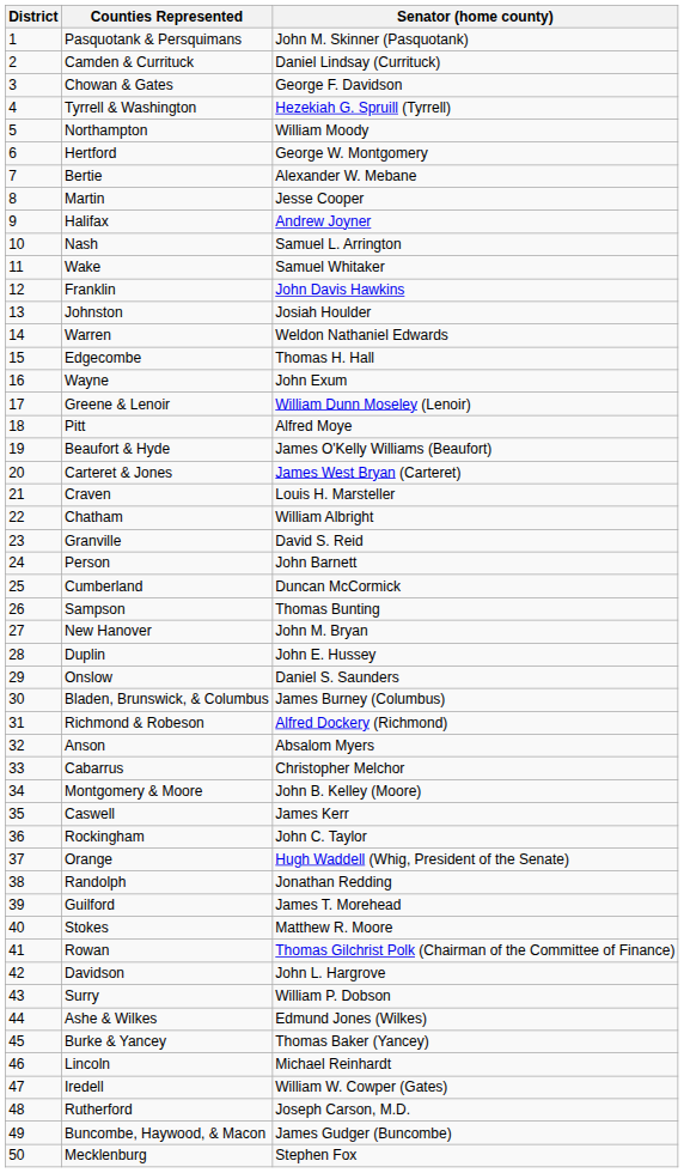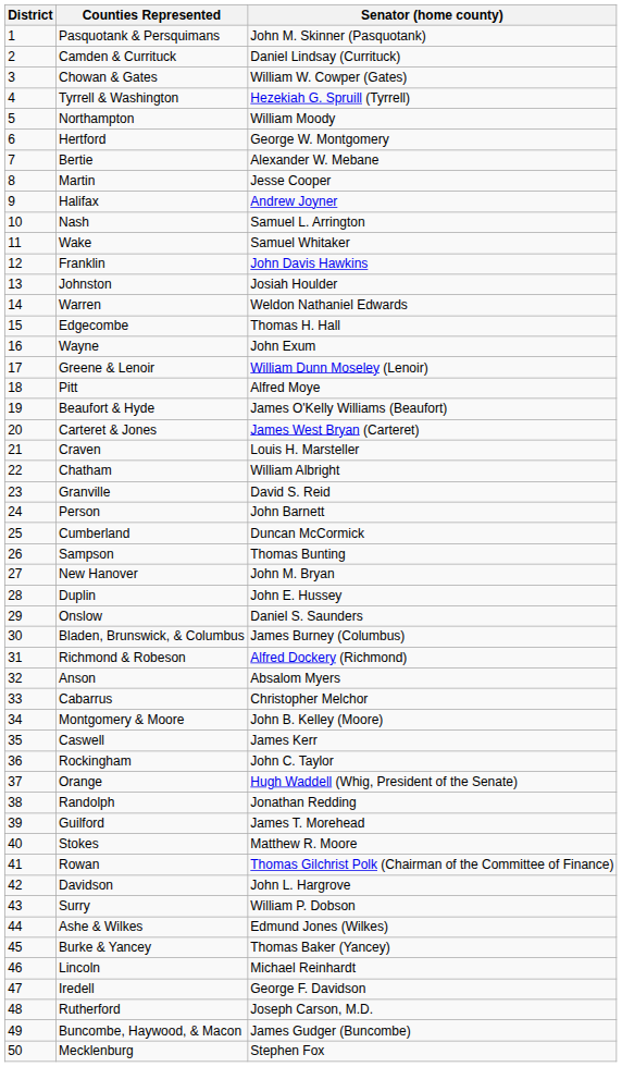 <table class="wikitable sortable">
 <tr>
 <th>District</th>
 <th>Counties Represented</th>
 <th>Senator (home county)</th>
 </tr>
 <tr>
 <td>1</td>
 <td>Pasquotank & Persquimans</td>
 <td data-sort-value="Skinner, John M.">John M. Skinner (Pasquotank)</td>
 </tr>
 <tr>
 <td>2</td>
 <td>Camden & Currituck</td>
 <td data-sort-value="Lindsay, Daniel">Daniel Lindsay (Currituck)</td>
 </tr>
 <tr>
 <td>3</td>
 <td>Chowan & Gates</td>
-<td data-sort-value="Davidson, George F.">George F. Davidson</td>
+<td data-sort-value="Cowper, William W.">William W. Cowper (Gates)</td>
 </tr>
 <tr>
 <td>4</td>
 <td>Tyrrell & Washington</td>
 <td><a href='#'>Hezekiah G. Spruill</a> (Tyrrell)</td>
 </tr>
 <tr>
 <td>5</td>
 <td>Northampton</td>
 <td data-sort-value="Moody, William">William Moody</td>
 </tr>
 <tr>
 <td>6</td>
 <td>Hertford</td>
 <td data-sort-value="Montgomery, George W.">George W. Montgomery</td>
 </tr>
 <tr>
 <td>7</td>
 <td>Bertie</td>
 <td data-sort-value="Mebane, Alexander W.">Alexander W. Mebane</td>
 </tr>
 <tr>
 <td>8</td>
 <td>Martin</td>
 <td data-sort-value="Cooper, Jessee">Jesse Cooper</td>
 </tr>
 <tr>
 <td>9</td>
 <td>Halifax</td>
 <td data-sort-value="Joyner, Andrew"><a href='#'>Andrew Joyner</a></td>
 </tr>
 <tr>
 <td>10</td>
 <td>Nash</td>
 <td data-sort-value="Arrington, Samuel L.">Samuel L. Arrington</td>
 </tr>
 <tr>
 <td>11</td>
 <td>Wake</td>
 <td data-sort-value="Whitaker, Samuel">Samuel Whitaker</td>
 </tr>
 <tr>
 <td>12</td>
 <td>Franklin</td>
 <td data-sort-value="Hawkins, John Davis"><a href='#'>John Davis Hawkins</a></td>
 </tr>
 <tr>
 <td>13</td>
 <td>Johnston</td>
 <td data-sort-value="Houlder, Josiah">Josiah Houlder</td>
 </tr>
 <tr>
 <td>14</td>
 <td>Warren</td>
 <td data-sort-value="Edwards, Weldon Nathaniel">Weldon Nathaniel Edwards</td>
 </tr>
 <tr>
 <td>15</td>
 <td>Edgecombe</td>
 <td data-sort-value="Hall, Thomas H.">Thomas H. Hall</td>
 </tr>
 <tr>
 <td>16</td>
 <td>Wayne</td>
 <td data-sort-value="Exum, John">John Exum</td>
 </tr>
 <tr>
 <td>17</td>
 <td>Greene & Lenoir</td>
 <td data-sort-value="Moseley, William Dunn"><a href='#'>William Dunn Moseley</a> (Lenoir)</td>
 </tr>
 <tr>
 <td>18</td>
 <td>Pitt</td>
 <td data-sort-value="Moye, Alfred">Alfred Moye</td>
 </tr>
 <tr>
 <td>19</td>
 <td>Beaufort & Hyde</td>
 <td data-sort-value="Williams, James O'Kelly">James O'Kelly Williams (Beaufort)</td>
 </tr>
 <tr>
 <td>20</td>
 <td>Carteret & Jones</td>
 <td data-sort-value="Bryan, James West"><a href='#'>James West Bryan</a> (Carteret)</td>
 </tr>
 <tr>
 <td>21</td>
 <td>Craven</td>
 <td data-sort-value="Marsteller, Louis H.">Louis H. Marsteller</td>
 </tr>
 <tr>
 <td>22</td>
 <td>Chatham</td>
 <td data-sort-value="Albright, William">William Albright</td>
 </tr>
 <tr>
 <td>23</td>
 <td>Granville</td>
 <td data-sort-value="Reid, David S.">David S. Reid</td>
 </tr>
 <tr>
 <td>24</td>
 <td>Person</td>
 <td data-sort-value="Barnett, John">John Barnett</td>
 </tr>
 <tr>
 <td>25</td>
 <td>Cumberland</td>
 <td data-sort-value="McCormick, Duncan">Duncan McCormick</td>
 </tr>
 <tr>
 <td>26</td>
 <td>Sampson</td>
 <td data-sort-value="Bunting, Thomas">Thomas Bunting</td>
 </tr>
 <tr>
 <td>27</td>
 <td>New Hanover</td>
 <td data-sort-value="Bryan, John M.">John M. Bryan</td>
 </tr>
 <tr>
 <td>28</td>
 <td>Duplin</td>
 <td data-sort-value="Hussey, John E.">John E. Hussey</td>
 </tr>
 <tr>
 <td>29</td>
 <td>Onslow</td>
 <td data-sort-value="Saunders, Daniel S.">Daniel S. Saunders</td>
 </tr>
 <tr>
 <td>30</td>
 <td>Bladen, Brunswick, & Columbus</td>
 <td data-sort-value="Burney, James">James Burney (Columbus)</td>
 </tr>
 <tr>
 <td>31</td>
 <td>Richmond & Robeson</td>
 <td data-sort-value="Dockery, Alfred"><a href='#'>Alfred Dockery</a> (Richmond)</td>
 </tr>
 <tr>
 <td>32</td>
 <td>Anson</td>
 <td data-sort-value="Myers, Absalom">Absalom Myers</td>
 </tr>
 <tr>
 <td>33</td>
 <td>Cabarrus</td>
 <td data-sort-value="Melchor, Christopher">Christopher Melchor</td>
 </tr>
 <tr>
 <td>34</td>
 <td>Montgomery & Moore</td>
 <td data-sort-value="Kelley, John B.">John B. Kelley (Moore)</td>
 </tr>
 <tr>
 <td>35</td>
 <td>Caswell</td>
 <td data-sort-value="Kerr, James">James Kerr</td>
 </tr>
 <tr>
 <td>36</td>
 <td>Rockingham</td>
 <td data-sort-value="Taylor, John C.">John C. Taylor</td>
 </tr>
 <tr>
 <td>37</td>
 <td>Orange</td>
 <td data-sort-value="Waddell, Hugh"><a href='#'>Hugh Waddell</a> (Whig, President of the Senate)</td>
 </tr>
 <tr>
 <td>38</td>
 <td>Randolph</td>
 <td data-sort-value="Redding, Jonathan">Jonathan Redding</td>
 </tr>
 <tr>
 <td>39</td>
 <td>Guilford</td>
 <td data-sort-value="Morehead, James T.">James T. Morehead</td>
 </tr>
 <tr>
 <td>40</td>
 <td>Stokes</td>
 <td data-sort-value="Moore, Matthew R.">Matthew R. Moore</td>
 </tr>
 <tr>
 <td>41</td>
 <td>Rowan</td>
 <td data-sort-value="Polk, Thomas Gilchrist"><a href='#'>Thomas Gilchrist Polk</a> (Chairman of the Committee of Finance)</td>
 </tr>
 <tr>
 <td>42</td>
 <td>Davidson</td>
 <td data-sort-value="Hargrove, John L.">John L. Hargrove</td>
 </tr>
 <tr>
 <td>43</td>
 <td>Surry</td>
 <td data-sort-value="Dobson, William P.">William P. Dobson</td>
 </tr>
 <tr>
 <td>44</td>
 <td>Ashe & Wilkes</td>
 <td data-sort-value="Jones, Edmund">Edmund Jones (Wilkes)</td>
 </tr>
 <tr>
 <td>45</td>
 <td>Burke & Yancey</td>
 <td data-sort-value="Baker, Thomas">Thomas Baker (Yancey)</td>
 </tr>
 <tr>
 <td>46</td>
 <td>Lincoln</td>
 <td data-sort-value="Reinhardt, Michael">Michael Reinhardt</td>
 </tr>
 <tr>
 <td>47</td>
 <td>Iredell</td>
-<td data-sort-value="Cowper, William W.">William W. Cowper (Gates)</td>
+<td data-sort-value="Davidson, George F.">George F. Davidson</td>
 </tr>
 <tr>
 <td>48</td>
 <td>Rutherford</td>
 <td data-sort-value="Carson, Joseph M.D.">Joseph Carson, M.D.</td>
 </tr>
 <tr>
 <td>49</td>
 <td>Buncombe, Haywood, & Macon</td>
 <td data-sort-value="Gudger, James">James Gudger (Buncombe)</td>
 </tr>
 <tr>
 <td>50</td>
 <td>Mecklenburg</td>
 <td data-sort-value="Fox, Stephen">Stephen Fox</td>
 </tr>
 </table>
